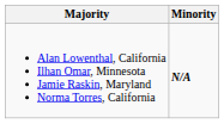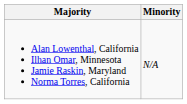 <table class=wikitable>
 <tr>
 <th>Majority</th>
 <th>Minority</th>
 </tr>
 <tr>
 <td><br><ul><li><a href='#'>Alan Lowenthal</a>, California</li><li><a href='#'>Ilhan Omar</a>, Minnesota</li><li><a href='#'>Jamie Raskin</a>, Maryland</li><li><a href='#'>Norma Torres</a>, California</li></ul></td>
-<td><strong><br><em>N/A</em></strong></td>
+<td><br><em>N/A</em></td>
 </tr>
 </table>
